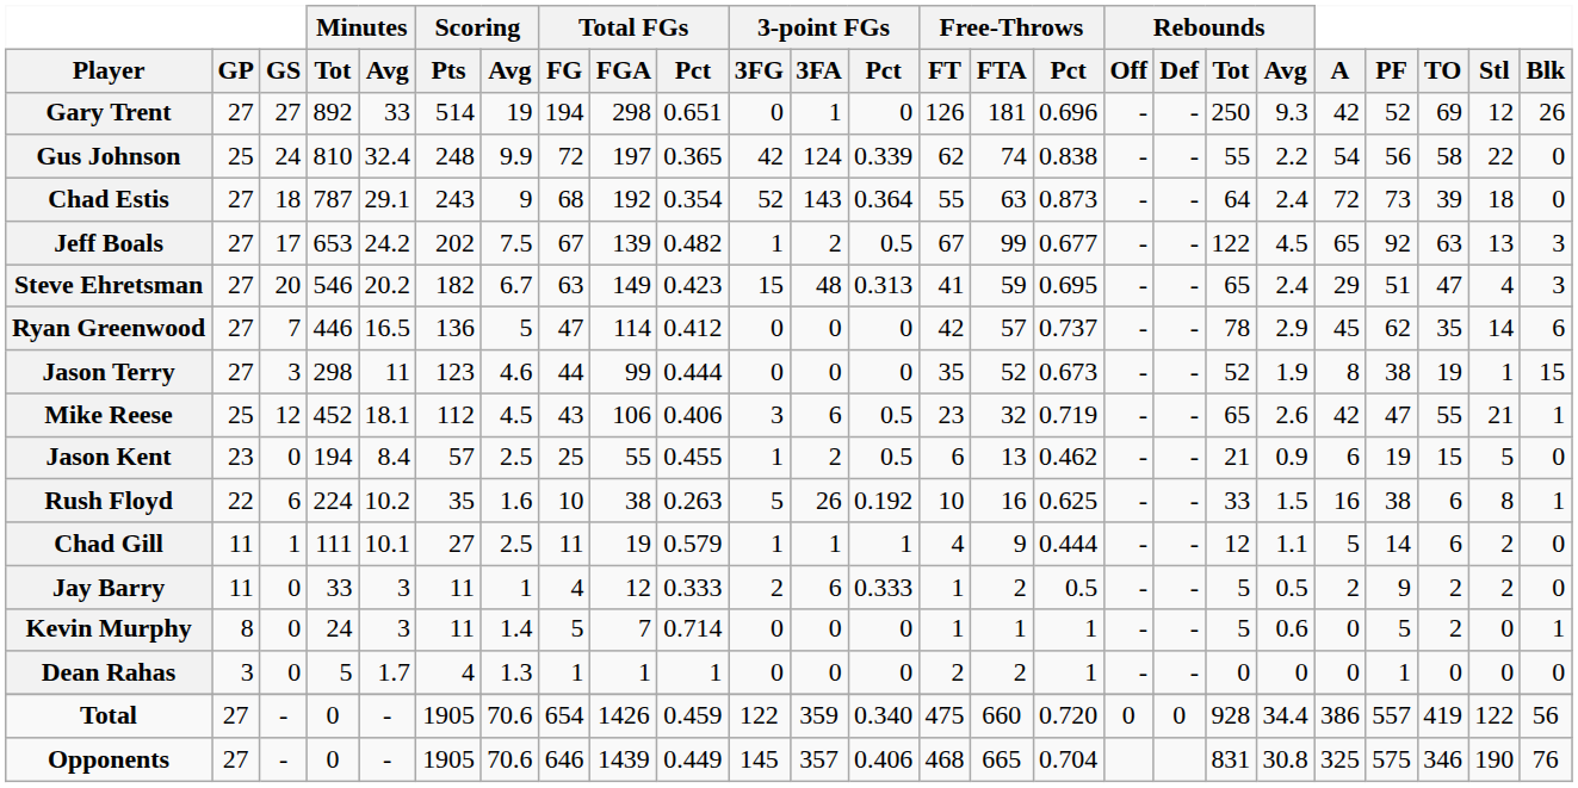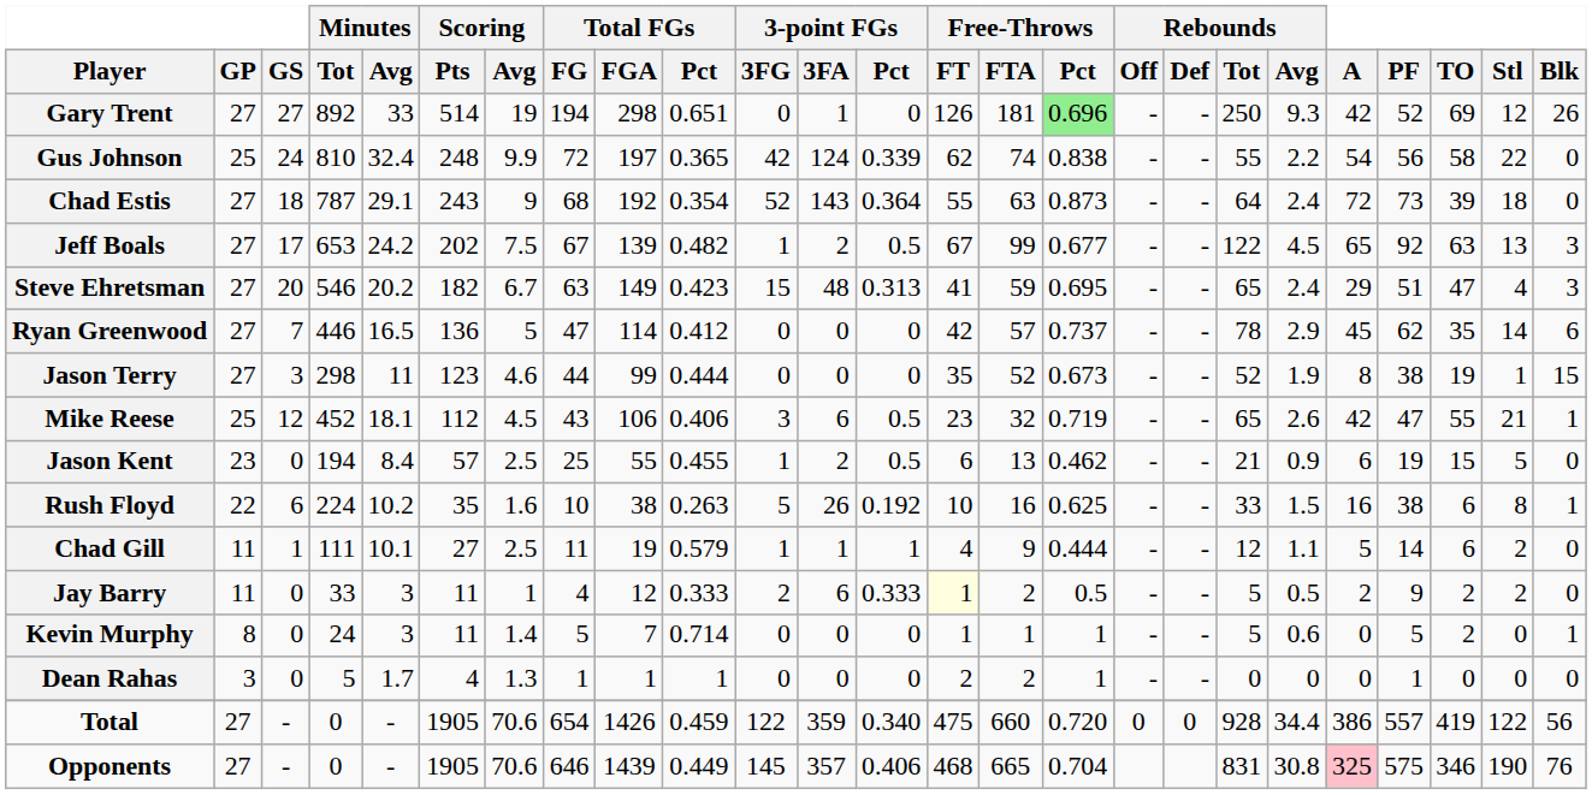 <table class="wikitable sortable" border="1" style="font-size:90%;">
 <tr>
 <th colspan="3" style="border-top-style:hidden; border-left-style:hidden; background: white;"></th>
 <th colspan="2" style=>Minutes</th>
 <th colspan="2" style=>Scoring</th>
 <th colspan="3" style=>Total FGs</th>
 <th colspan="3" style=>3-point FGs</th>
 <th colspan="3" style=>Free-Throws</th>
 <th colspan="4" style=>Rebounds</th>
 <th colspan="5" style="border-top-style:hidden; border-right-style:hidden; background: white;"></th>
 </tr>
 <tr>
 <th scope="col" style=>Player</th>
 <th scope="col" style=>GP</th>
 <th scope="col" style=>GS</th>
 <th scope="col" style=>Tot</th>
 <th scope="col" style=>Avg</th>
 <th scope="col" style=>Pts</th>
 <th scope="col" style=>Avg</th>
 <th scope="col" style=>FG</th>
 <th scope="col" style=>FGA</th>
 <th scope="col" style=>Pct</th>
 <th scope="col" style=>3FG</th>
 <th scope="col" style=>3FA</th>
 <th scope="col" style=>Pct</th>
 <th scope="col" style=>FT</th>
 <th scope="col" style=>FTA</th>
 <th scope="col" style=>Pct</th>
 <th scope="col" style=>Off</th>
 <th scope="col" style=>Def</th>
 <th scope="col" style=>Tot</th>
 <th scope="col" style=>Avg</th>
 <th scope="col" style=>A</th>
 <th scope="col" style=>PF</th>
 <th scope="col" style=>TO</th>
 <th scope="col" style=>Stl</th>
 <th scope="col" style=>Blk</th>
 </tr>
 <tr>
 <th>Gary Trent</th>
 <td align="right">27</td>
 <td align="right">27</td>
 <td align="right">892</td>
 <td align="right">33</td>
 <td align="right">514</td>
 <td align="right">19</td>
 <td align="right">194</td>
 <td align="right">298</td>
 <td align="right">0.651</td>
 <td align="right">0</td>
 <td align="right">1</td>
 <td align="right">0</td>
 <td align="right">126</td>
 <td align="right">181</td>
-<td align="right">0.696</td>
+<td align="right" style="background: lightgreen;">0.696</td>
 <td align="right">-</td>
 <td align="right">-</td>
 <td align="right">250</td>
 <td align="right">9.3</td>
 <td align="right">42</td>
 <td align="right">52</td>
 <td align="right">69</td>
 <td align="right">12</td>
 <td align="right">26</td>
 </tr>
 <tr>
 <th>Gus Johnson</th>
 <td align="right">25</td>
 <td align="right">24</td>
 <td align="right">810</td>
 <td align="right">32.4</td>
 <td align="right">248</td>
 <td align="right">9.9</td>
 <td align="right">72</td>
 <td align="right">197</td>
 <td align="right">0.365</td>
 <td align="right">42</td>
 <td align="right">124</td>
 <td align="right">0.339</td>
 <td align="right">62</td>
 <td align="right">74</td>
 <td align="right">0.838</td>
 <td align="right">-</td>
 <td align="right">-</td>
 <td align="right">55</td>
 <td align="right">2.2</td>
 <td align="right">54</td>
 <td align="right">56</td>
 <td align="right">58</td>
 <td align="right">22</td>
 <td align="right">0</td>
 </tr>
 <tr>
 <th>Chad Estis</th>
 <td align="right">27</td>
 <td align="right">18</td>
 <td align="right">787</td>
 <td align="right">29.1</td>
 <td align="right">243</td>
 <td align="right">9</td>
 <td align="right">68</td>
 <td align="right">192</td>
 <td align="right">0.354</td>
 <td align="right">52</td>
 <td align="right">143</td>
 <td align="right">0.364</td>
 <td align="right">55</td>
 <td align="right">63</td>
 <td align="right">0.873</td>
 <td align="right">-</td>
 <td align="right">-</td>
 <td align="right">64</td>
 <td align="right">2.4</td>
 <td align="right">72</td>
 <td align="right">73</td>
 <td align="right">39</td>
 <td align="right">18</td>
 <td align="right">0</td>
 </tr>
 <tr>
 <th>Jeff Boals</th>
 <td align="right">27</td>
 <td align="right">17</td>
 <td align="right">653</td>
 <td align="right">24.2</td>
 <td align="right">202</td>
 <td align="right">7.5</td>
 <td align="right">67</td>
 <td align="right">139</td>
 <td align="right">0.482</td>
 <td align="right">1</td>
 <td align="right">2</td>
 <td align="right">0.5</td>
 <td align="right">67</td>
 <td align="right">99</td>
 <td align="right">0.677</td>
 <td align="right">-</td>
 <td align="right">-</td>
 <td align="right">122</td>
 <td align="right">4.5</td>
 <td align="right">65</td>
 <td align="right">92</td>
 <td align="right">63</td>
 <td align="right">13</td>
 <td align="right">3</td>
 </tr>
 <tr>
 <th>Steve Ehretsman</th>
 <td align="right">27</td>
 <td align="right">20</td>
 <td align="right">546</td>
 <td align="right">20.2</td>
 <td align="right">182</td>
 <td align="right">6.7</td>
 <td align="right">63</td>
 <td align="right">149</td>
 <td align="right">0.423</td>
 <td align="right">15</td>
 <td align="right">48</td>
 <td align="right">0.313</td>
 <td align="right">41</td>
 <td align="right">59</td>
 <td align="right">0.695</td>
 <td align="right">-</td>
 <td align="right">-</td>
 <td align="right">65</td>
 <td align="right">2.4</td>
 <td align="right">29</td>
 <td align="right">51</td>
 <td align="right">47</td>
 <td align="right">4</td>
 <td align="right">3</td>
 </tr>
 <tr>
 <th>Ryan Greenwood</th>
 <td align="right">27</td>
 <td align="right">7</td>
 <td align="right">446</td>
 <td align="right">16.5</td>
 <td align="right">136</td>
 <td align="right">5</td>
 <td align="right">47</td>
 <td align="right">114</td>
 <td align="right">0.412</td>
 <td align="right">0</td>
 <td align="right">0</td>
 <td align="right">0</td>
 <td align="right">42</td>
 <td align="right">57</td>
 <td align="right">0.737</td>
 <td align="right">-</td>
 <td align="right">-</td>
 <td align="right">78</td>
 <td align="right">2.9</td>
 <td align="right">45</td>
 <td align="right">62</td>
 <td align="right">35</td>
 <td align="right">14</td>
 <td align="right">6</td>
 </tr>
 <tr>
 <th>Jason Terry</th>
 <td align="right">27</td>
 <td align="right">3</td>
 <td align="right">298</td>
 <td align="right">11</td>
 <td align="right">123</td>
 <td align="right">4.6</td>
 <td align="right">44</td>
 <td align="right">99</td>
 <td align="right">0.444</td>
 <td align="right">0</td>
 <td align="right">0</td>
 <td align="right">0</td>
 <td align="right">35</td>
 <td align="right">52</td>
 <td align="right">0.673</td>
 <td align="right">-</td>
 <td align="right">-</td>
 <td align="right">52</td>
 <td align="right">1.9</td>
 <td align="right">8</td>
 <td align="right">38</td>
 <td align="right">19</td>
 <td align="right">1</td>
 <td align="right">15</td>
 </tr>
 <tr>
 <th>Mike Reese</th>
 <td align="right">25</td>
 <td align="right">12</td>
 <td align="right">452</td>
 <td align="right">18.1</td>
 <td align="right">112</td>
 <td align="right">4.5</td>
 <td align="right">43</td>
 <td align="right">106</td>
 <td align="right">0.406</td>
 <td align="right">3</td>
 <td align="right">6</td>
 <td align="right">0.5</td>
 <td align="right">23</td>
 <td align="right">32</td>
 <td align="right">0.719</td>
 <td align="right">-</td>
 <td align="right">-</td>
 <td align="right">65</td>
 <td align="right">2.6</td>
 <td align="right">42</td>
 <td align="right">47</td>
 <td align="right">55</td>
 <td align="right">21</td>
 <td align="right">1</td>
 </tr>
 <tr>
 <th>Jason Kent</th>
 <td align="right">23</td>
 <td align="right">0</td>
 <td align="right">194</td>
 <td align="right">8.4</td>
 <td align="right">57</td>
 <td align="right">2.5</td>
 <td align="right">25</td>
 <td align="right">55</td>
 <td align="right">0.455</td>
 <td align="right">1</td>
 <td align="right">2</td>
 <td align="right">0.5</td>
 <td align="right">6</td>
 <td align="right">13</td>
 <td align="right">0.462</td>
 <td align="right">-</td>
 <td align="right">-</td>
 <td align="right">21</td>
 <td align="right">0.9</td>
 <td align="right">6</td>
 <td align="right">19</td>
 <td align="right">15</td>
 <td align="right">5</td>
 <td align="right">0</td>
 </tr>
 <tr>
 <th>Rush Floyd</th>
 <td align="right">22</td>
 <td align="right">6</td>
 <td align="right">224</td>
 <td align="right">10.2</td>
 <td align="right">35</td>
 <td align="right">1.6</td>
 <td align="right">10</td>
 <td align="right">38</td>
 <td align="right">0.263</td>
 <td align="right">5</td>
 <td align="right">26</td>
 <td align="right">0.192</td>
 <td align="right">10</td>
 <td align="right">16</td>
 <td align="right">0.625</td>
 <td align="right">-</td>
 <td align="right">-</td>
 <td align="right">33</td>
 <td align="right">1.5</td>
 <td align="right">16</td>
 <td align="right">38</td>
 <td align="right">6</td>
 <td align="right">8</td>
 <td align="right">1</td>
 </tr>
 <tr>
 <th>Chad Gill</th>
 <td align="right">11</td>
 <td align="right">1</td>
 <td align="right">111</td>
 <td align="right">10.1</td>
 <td align="right">27</td>
 <td align="right">2.5</td>
 <td align="right">11</td>
 <td align="right">19</td>
 <td align="right">0.579</td>
 <td align="right">1</td>
 <td align="right">1</td>
 <td align="right">1</td>
 <td align="right">4</td>
 <td align="right">9</td>
 <td align="right">0.444</td>
 <td align="right">-</td>
 <td align="right">-</td>
 <td align="right">12</td>
 <td align="right">1.1</td>
 <td align="right">5</td>
 <td align="right">14</td>
 <td align="right">6</td>
 <td align="right">2</td>
 <td align="right">0</td>
 </tr>
 <tr>
 <th>Jay Barry</th>
 <td align="right">11</td>
 <td align="right">0</td>
 <td align="right">33</td>
 <td align="right">3</td>
 <td align="right">11</td>
 <td align="right">1</td>
 <td align="right">4</td>
 <td align="right">12</td>
 <td align="right">0.333</td>
 <td align="right">2</td>
 <td align="right">6</td>
 <td align="right">0.333</td>
-<td align="right">1</td>
+<td align="right" style="background: lightyellow;">1</td>
 <td align="right">2</td>
 <td align="right">0.5</td>
 <td align="right">-</td>
 <td align="right">-</td>
 <td align="right">5</td>
 <td align="right">0.5</td>
 <td align="right">2</td>
 <td align="right">9</td>
 <td align="right">2</td>
 <td align="right">2</td>
 <td align="right">0</td>
 </tr>
 <tr>
 <th>Kevin Murphy</th>
 <td align="right">8</td>
 <td align="right">0</td>
 <td align="right">24</td>
 <td align="right">3</td>
 <td align="right">11</td>
 <td align="right">1.4</td>
 <td align="right">5</td>
 <td align="right">7</td>
 <td align="right">0.714</td>
 <td align="right">0</td>
 <td align="right">0</td>
 <td align="right">0</td>
 <td align="right">1</td>
 <td align="right">1</td>
 <td align="right">1</td>
 <td align="right">-</td>
 <td align="right">-</td>
 <td align="right">5</td>
 <td align="right">0.6</td>
 <td align="right">0</td>
 <td align="right">5</td>
 <td align="right">2</td>
 <td align="right">0</td>
 <td align="right">1</td>
 </tr>
 <tr>
 <th>Dean Rahas</th>
 <td align="right">3</td>
 <td align="right">0</td>
 <td align="right">5</td>
 <td align="right">1.7</td>
 <td align="right">4</td>
 <td align="right">1.3</td>
 <td align="right">1</td>
 <td align="right">1</td>
 <td align="right">1</td>
 <td align="right">0</td>
 <td align="right">0</td>
 <td align="right">0</td>
 <td align="right">2</td>
 <td align="right">2</td>
 <td align="right">1</td>
 <td align="right">-</td>
 <td align="right">-</td>
 <td align="right">0</td>
 <td align="right">0</td>
 <td align="right">0</td>
 <td align="right">1</td>
 <td align="right">0</td>
 <td align="right">0</td>
 <td align="right">0</td>
 </tr>
 <tr>
 </tr>
 <tr class="sortbottom">
 <td align="center" style=><strong>Total</strong></td>
 <td align="center" style=>27</td>
 <td align="center" style=>-</td>
 <td align="center" style=>0</td>
 <td align="center" style=>-</td>
 <td align="center" style=>1905</td>
 <td align="center" style=>70.6</td>
 <td align="center" style=>654</td>
 <td align="center" style=>1426</td>
 <td align="center" style=>0.459</td>
 <td align="center" style=>122</td>
 <td align="center" style=>359</td>
 <td align="center" style=>0.340</td>
 <td align="center" style=>475</td>
 <td align="center" style=>660</td>
 <td align="center" style=>0.720</td>
 <td align="center" style=>0</td>
 <td align="center" style=>0</td>
 <td align="center" style=>928</td>
 <td align="center" style=>34.4</td>
 <td align="center" style=>386</td>
 <td align="center" style=>557</td>
 <td align="center" style=>419</td>
 <td align="center" style=>122</td>
 <td align="center" style=>56</td>
 </tr>
 <tr class="sortbottom">
 <td align="center"><strong>Opponents</strong></td>
 <td align="center">27</td>
 <td align="center">-</td>
 <td align="center">0</td>
 <td align="center">-</td>
 <td align="center">1905</td>
 <td align="center">70.6</td>
 <td align="center">646</td>
 <td align="center">1439</td>
 <td align="center">0.449</td>
 <td align="center">145</td>
 <td align="center">357</td>
 <td align="center">0.406</td>
 <td align="center">468</td>
 <td align="center">665</td>
 <td align="center">0.704</td>
 <td align="center"></td>
 <td align="center"></td>
 <td align="center">831</td>
 <td align="center">30.8</td>
-<td align="center">325</td>
+<td align="center" style="background: pink;">325</td>
 <td align="center">575</td>
 <td align="center">346</td>
 <td align="center">190</td>
 <td align="center">76</td>
 </tr>
 </table>
